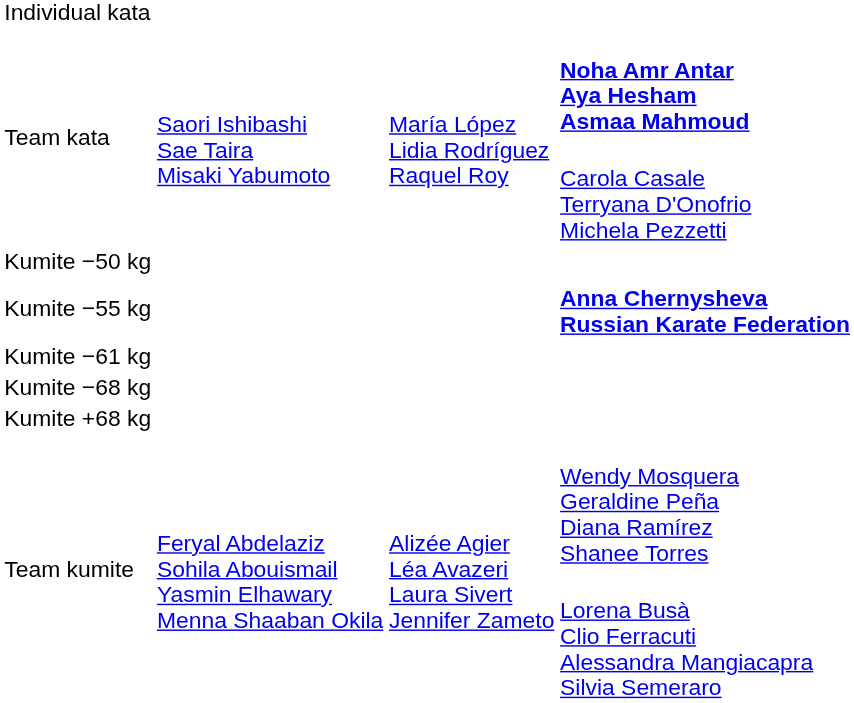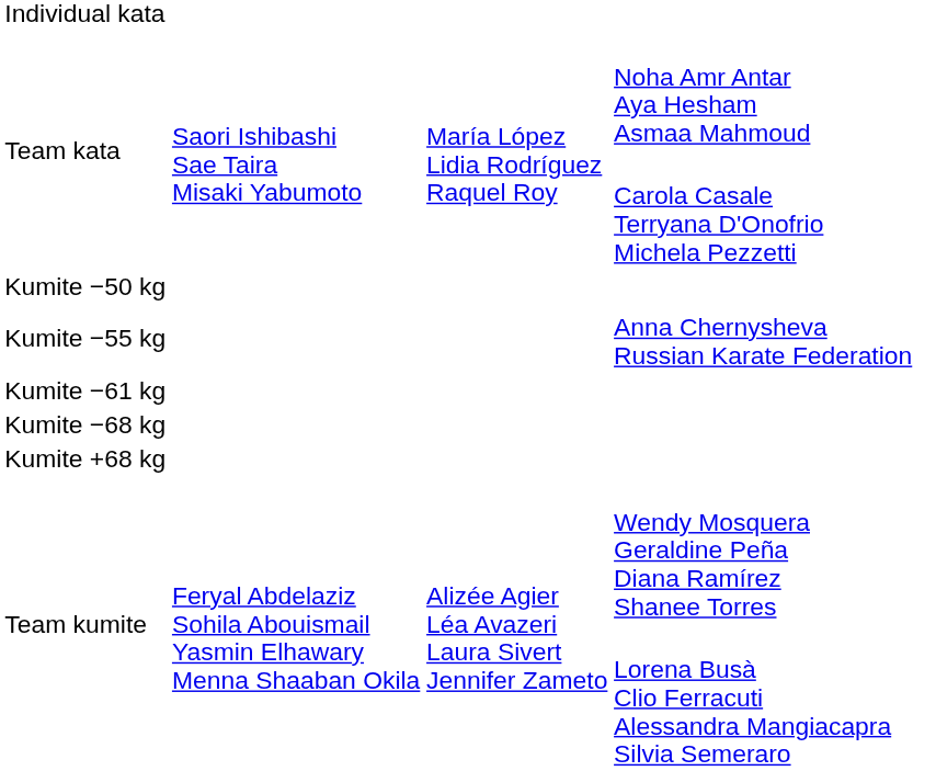 <table>
 <tr>
 <td rowspan=2>Individual kata<br></td>
 <td rowspan=2></td>
 <td rowspan=2></td>
 <td></td>
 </tr>
 <tr>
 <td></td>
 </tr>
 <tr>
 <td rowspan=2>Team kata<br></td>
 <td rowspan=2><br><a href='#'>Saori Ishibashi</a><br><a href='#'>Sae Taira</a><br><a href='#'>Misaki Yabumoto</a></td>
 <td rowspan=2><br><a href='#'>María López</a><br><a href='#'>Lidia Rodríguez</a><br><a href='#'>Raquel Roy</a></td>
-<td><strong><br><a href='#'>Noha Amr Antar</a><br><a href='#'>Aya Hesham</a><br><a href='#'>Asmaa Mahmoud</a></strong></td>
+<td><br><a href='#'>Noha Amr Antar</a><br><a href='#'>Aya Hesham</a><br><a href='#'>Asmaa Mahmoud</a></td>
 </tr>
 <tr>
 <td><br><a href='#'>Carola Casale</a><br><a href='#'>Terryana D'Onofrio</a><br><a href='#'>Michela Pezzetti</a></td>
 </tr>
 <tr>
 <td rowspan=2>Kumite −50 kg<br></td>
 <td rowspan=2></td>
 <td rowspan=2></td>
 <td></td>
 </tr>
 <tr>
 <td></td>
 </tr>
 <tr>
 <td rowspan=2>Kumite −55 kg<br></td>
 <td rowspan=2></td>
 <td rowspan=2></td>
 <td></td>
 </tr>
 <tr>
-<td><strong><a href='#'>Anna Chernysheva</a><br><a href='#'>Russian Karate Federation</a></strong></td>
+<td><a href='#'>Anna Chernysheva</a><br><a href='#'>Russian Karate Federation</a></td>
 </tr>
 <tr>
 <td rowspan=2>Kumite −61 kg<br></td>
 <td rowspan=2></td>
 <td rowspan=2></td>
 <td></td>
 </tr>
 <tr>
 <td></td>
 </tr>
 <tr>
 <td rowspan=2>Kumite −68 kg<br></td>
 <td rowspan=2></td>
 <td rowspan=2></td>
 <td></td>
 </tr>
 <tr>
 <td></td>
 </tr>
 <tr>
 <td rowspan=2>Kumite +68 kg<br></td>
 <td rowspan=2></td>
 <td rowspan=2></td>
 <td></td>
 </tr>
 <tr>
 <td></td>
 </tr>
 <tr>
 <td rowspan=2>Team kumite<br></td>
 <td rowspan=2><br><a href='#'>Feryal Abdelaziz</a><br><a href='#'>Sohila Abouismail</a><br><a href='#'>Yasmin Elhawary</a><br><a href='#'>Menna Shaaban Okila</a></td>
 <td rowspan=2><br><a href='#'>Alizée Agier</a><br><a href='#'>Léa Avazeri</a><br><a href='#'>Laura Sivert</a><br><a href='#'>Jennifer Zameto</a></td>
 <td><br><a href='#'>Wendy Mosquera</a><br><a href='#'>Geraldine Peña</a><br><a href='#'>Diana Ramírez</a><br><a href='#'>Shanee Torres</a></td>
 </tr>
 <tr>
 <td><br><a href='#'>Lorena Busà</a><br><a href='#'>Clio Ferracuti</a><br><a href='#'>Alessandra Mangiacapra</a><br><a href='#'>Silvia Semeraro</a></td>
 </tr>
 </table>
